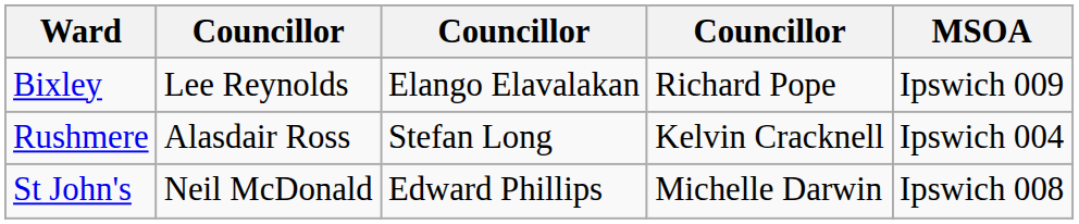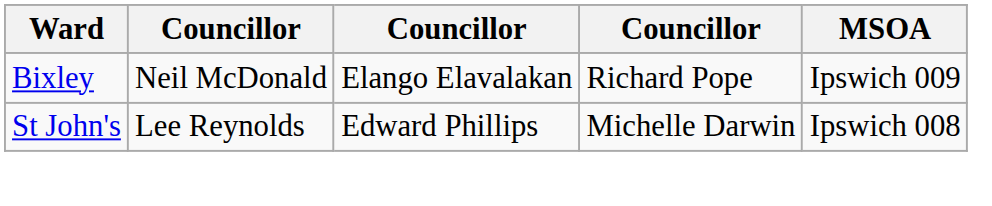 <table class="wikitable">
 <tr>
 <th>Ward</th>
 <th>Councillor</th>
 <th>Councillor</th>
 <th>Councillor</th>
 <th>MSOA</th>
 </tr>
 <tr>
 <td><a href='#'>Bixley</a></td>
-<td ! style="background-color:">Lee Reynolds</td>
+<td ! style="background-color:">Neil McDonald</td>
 <td ! style="background-color:">Elango Elavalakan</td>
 <td ! style="background-color:">Richard Pope</td>
 <td>Ipswich 009</td>
 </tr>
 <tr>
-<td><a href='#'>Rushmere</a></td>
-<td ! style="background-color:">Alasdair Ross</td>
-<td ! style="background-color:">Stefan Long</td>
-<td ! style="background-color:">Kelvin Cracknell</td>
-<td>Ipswich 004</td>
-</tr>
-<tr>
 <td><a href='#'>St John's</a></td>
-<td ! style="background-color:">Neil McDonald</td>
+<td ! style="background-color:">Lee Reynolds</td>
 <td ! style="background-color:">Edward Phillips</td>
 <td ! style="background-color:">Michelle Darwin</td>
 <td>Ipswich 008</td>
 </tr>
 </table>
